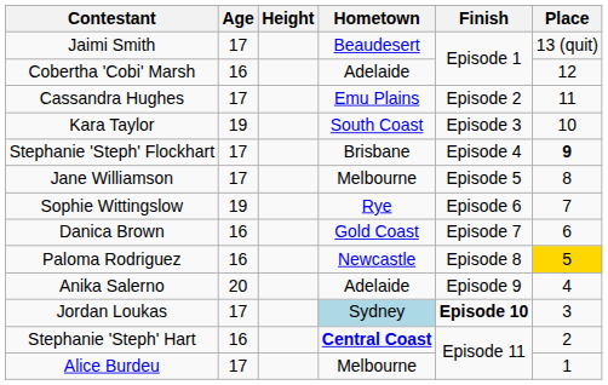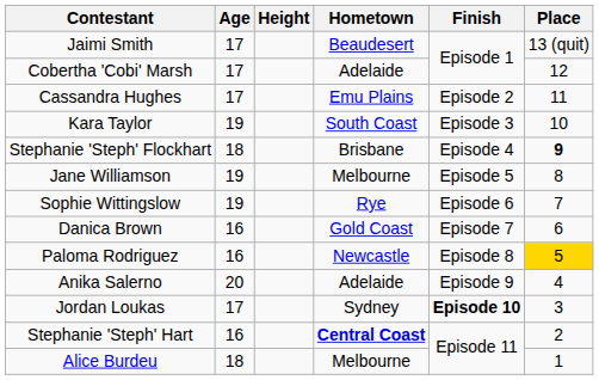 <table class="wikitable sortable" style="text-align:center;">
 <tr>
 <th>Contestant</th>
 <th>Age</th>
 <th>Height</th>
 <th>Hometown</th>
 <th>Finish</th>
 <th>Place</th>
 </tr>
 <tr>
 <td>Jaimi Smith</td>
 <td>17</td>
 <td></td>
 <td><a href='#'>Beaudesert</a></td>
 <td rowspan="2">Episode 1</td>
 <td>13 (quit)</td>
 </tr>
 <tr>
 <td>Cobertha 'Cobi' Marsh</td>
-<td>16</td>
+<td>17</td>
 <td></td>
 <td>Adelaide</td>
 <td>12</td>
 </tr>
 <tr>
 <td>Cassandra Hughes</td>
 <td>17</td>
 <td></td>
 <td><a href='#'>Emu Plains</a></td>
 <td>Episode 2</td>
 <td>11</td>
 </tr>
 <tr>
 <td>Kara Taylor</td>
 <td>19</td>
 <td></td>
 <td><a href='#'>South Coast</a></td>
 <td>Episode 3</td>
 <td>10</td>
 </tr>
 <tr>
 <td>Stephanie 'Steph' Flockhart</td>
-<td>17</td>
+<td>18</td>
 <td></td>
 <td>Brisbane</td>
 <td>Episode 4</td>
 <td><strong>9</strong></td>
 </tr>
 <tr>
 <td>Jane Williamson</td>
-<td>17</td>
+<td>19</td>
 <td></td>
 <td>Melbourne</td>
 <td>Episode 5</td>
 <td>8</td>
 </tr>
 <tr>
 <td>Sophie Wittingslow</td>
 <td>19</td>
 <td></td>
 <td><a href='#'>Rye</a></td>
 <td>Episode 6</td>
 <td>7</td>
 </tr>
 <tr>
 <td>Danica Brown</td>
 <td>16</td>
 <td></td>
 <td><a href='#'>Gold Coast</a></td>
 <td>Episode 7</td>
 <td>6</td>
 </tr>
 <tr>
 <td>Paloma Rodriguez</td>
 <td>16</td>
 <td></td>
 <td><a href='#'>Newcastle</a></td>
 <td>Episode 8</td>
 <td style="background: gold;">5</td>
 </tr>
 <tr>
 <td>Anika Salerno</td>
 <td>20</td>
 <td></td>
 <td>Adelaide</td>
 <td>Episode 9</td>
 <td>4</td>
 </tr>
 <tr>
 <td>Jordan Loukas</td>
 <td>17</td>
 <td></td>
-<td style="background: lightblue;">Sydney</td>
+<td>Sydney</td>
 <td><strong>Episode 10</strong></td>
 <td>3</td>
 </tr>
 <tr>
 <td>Stephanie 'Steph' Hart</td>
 <td>16</td>
 <td></td>
 <td><strong><a href='#'>Central Coast</a></strong></td>
 <td rowspan="2">Episode 11</td>
 <td>2</td>
 </tr>
 <tr>
 <td><a href='#'>Alice Burdeu</a></td>
-<td>17</td>
+<td>18</td>
 <td></td>
 <td>Melbourne</td>
 <td>1</td>
 </tr>
 </table>
